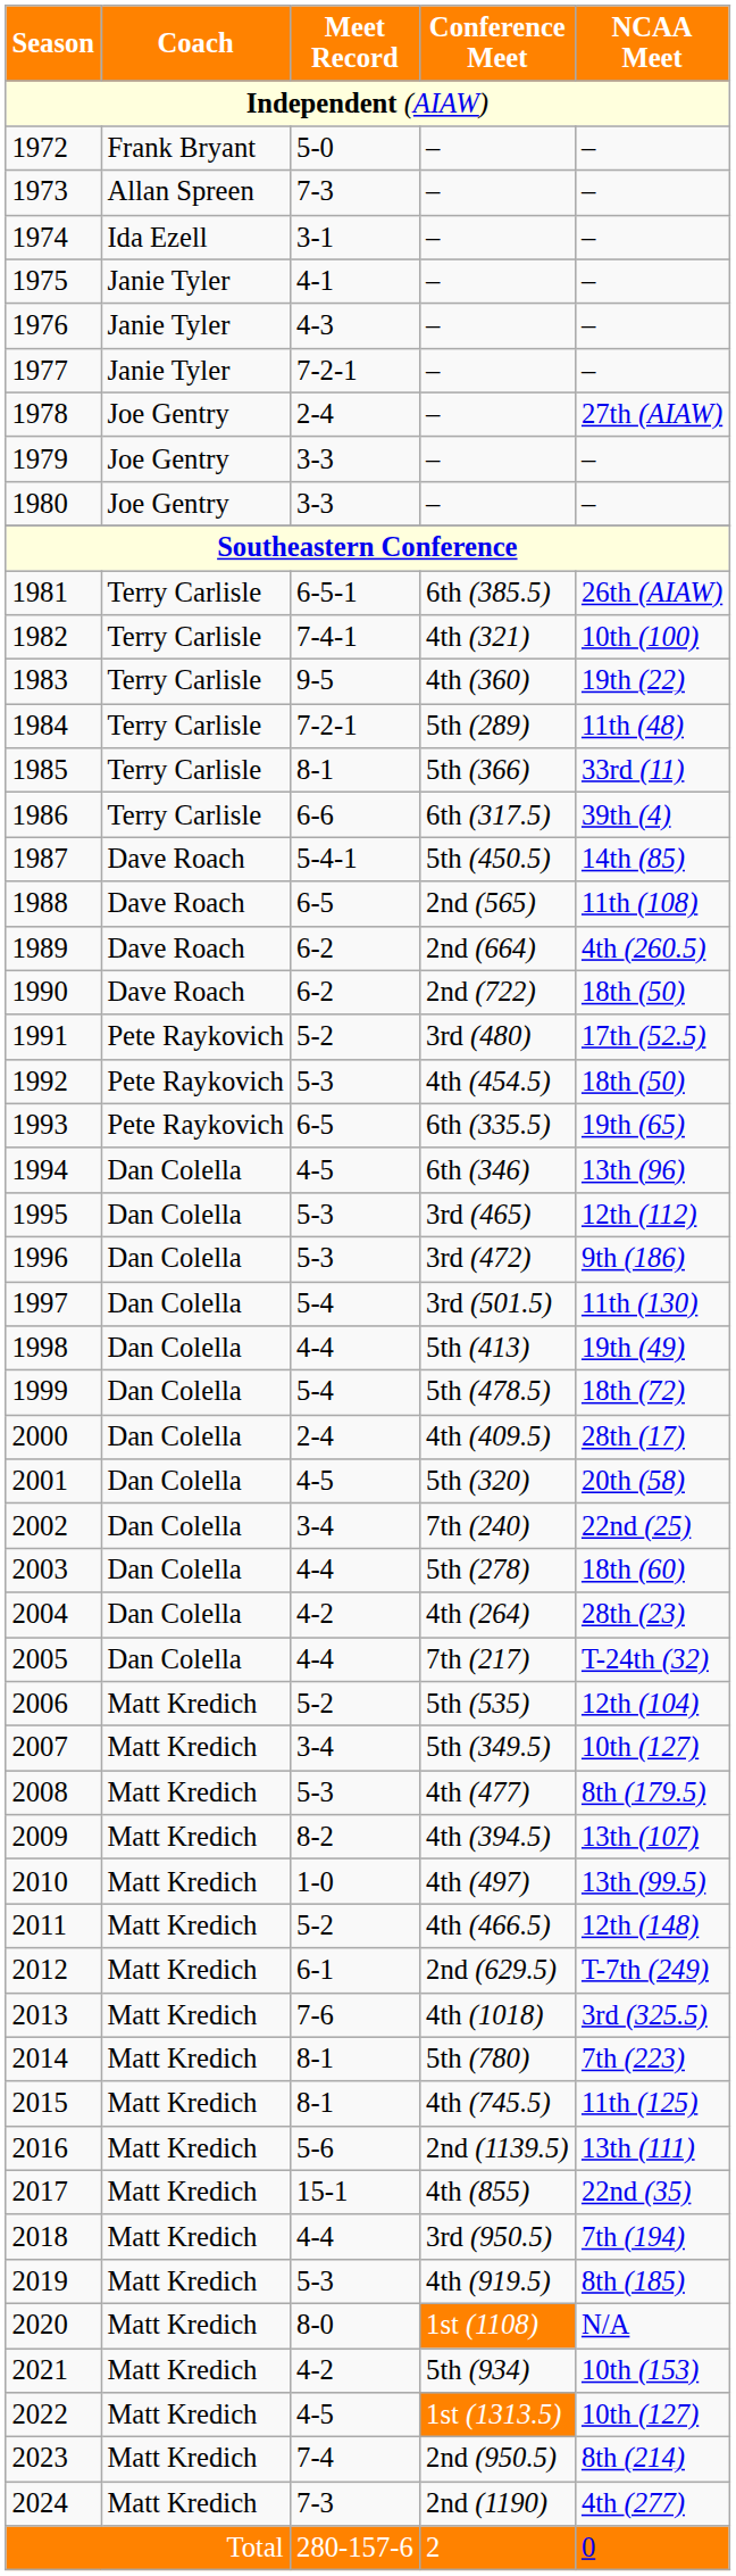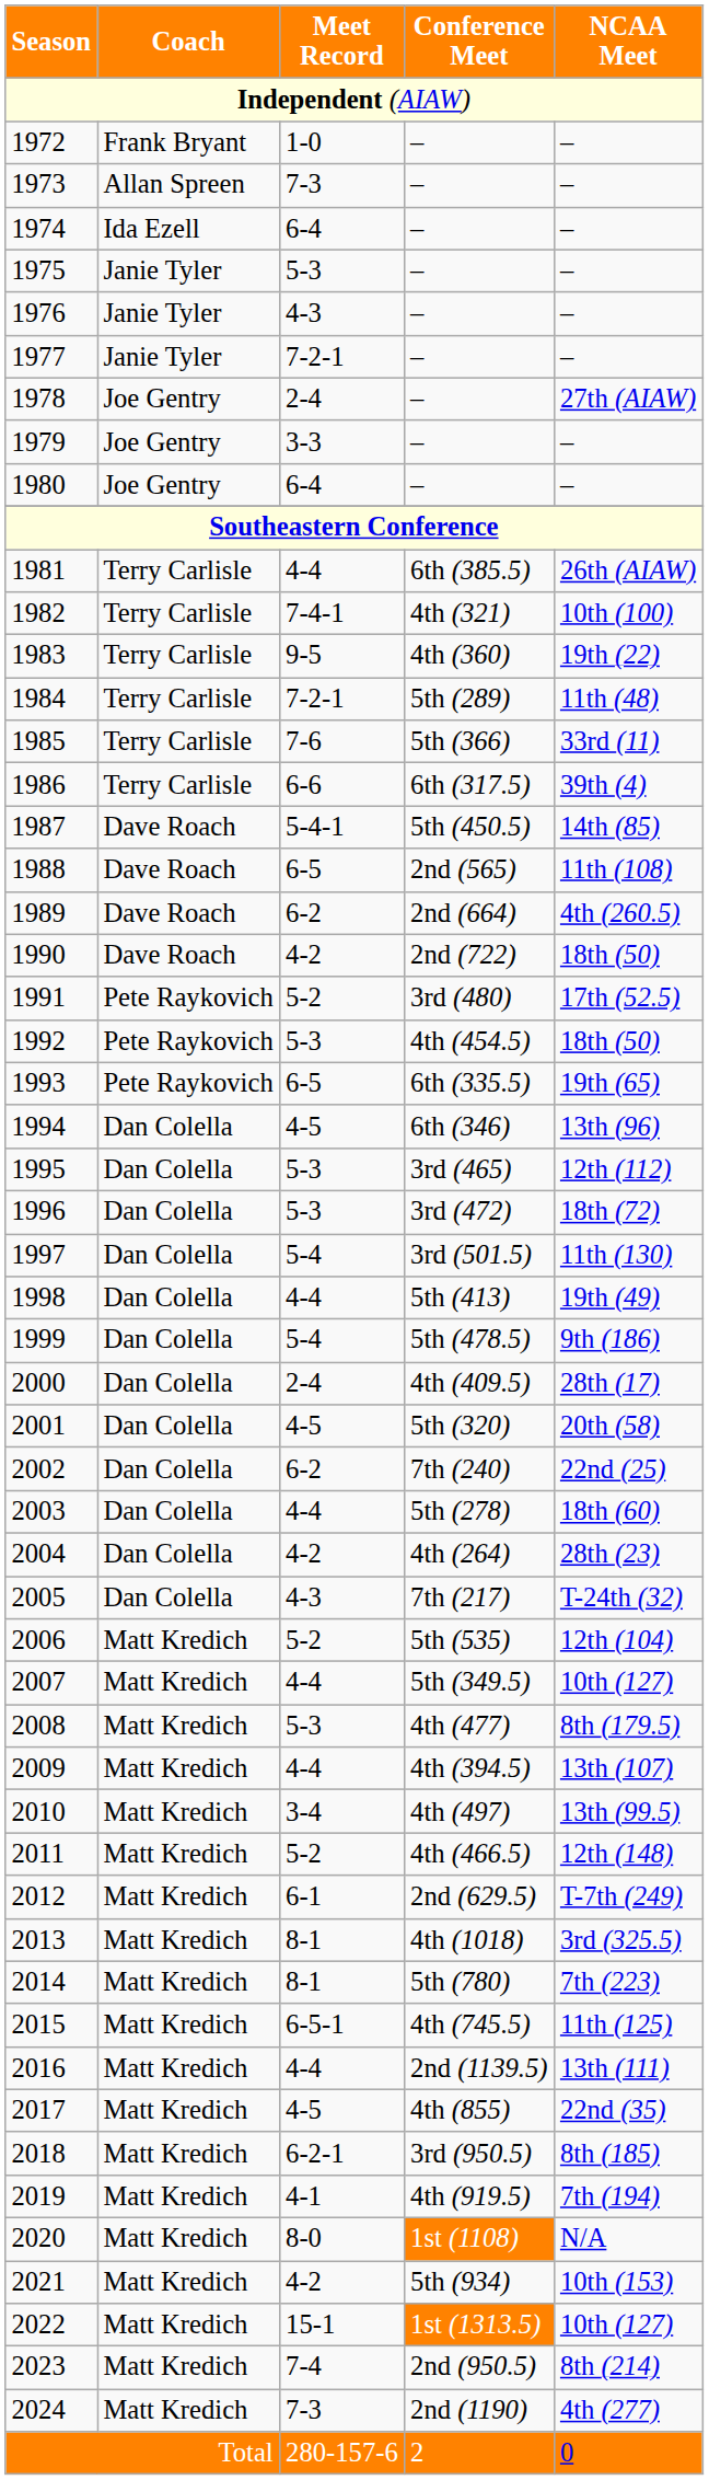 <table class="wikitable">
 <tr>
 <th rowspan="1" style="background: #FF8200; color:white;">Season</th>
 <th rowspan="1" style="background: #FF8200; color:white;">Coach</th>
 <th rowspan="1" style="background: #FF8200; color:white;">Meet<br>Record</th>
 <th rowspan="1" style="background: #FF8200; color:white;">Conference<br>Meet</th>
 <th rowspan="1" style="background: #FF8200; color:white;">NCAA<br>Meet</th>
 </tr>
 <tr style="background: #ffffdd;">
 <td colspan="5" style="text-align:center;"><strong>Independent</strong> <em>(<a href='#'>AIAW</a>)</em></td>
 </tr>
 <tr>
 <td>1972</td>
 <td>Frank Bryant</td>
-<td>5-0</td>
+<td>1-0</td>
 <td>–</td>
 <td>–</td>
 </tr>
 <tr>
 <td>1973</td>
 <td>Allan Spreen</td>
 <td>7-3</td>
 <td>–</td>
 <td>–</td>
 </tr>
 <tr>
 <td>1974</td>
 <td>Ida Ezell</td>
-<td>3-1</td>
+<td>6-4</td>
 <td>–</td>
 <td>–</td>
 </tr>
 <tr>
 <td>1975</td>
 <td>Janie Tyler</td>
-<td>4-1</td>
+<td>5-3</td>
 <td>–</td>
 <td>–</td>
 </tr>
 <tr>
 <td>1976</td>
 <td>Janie Tyler</td>
 <td>4-3</td>
 <td>–</td>
 <td>–</td>
 </tr>
 <tr>
 <td>1977</td>
 <td>Janie Tyler</td>
 <td>7-2-1</td>
 <td>–</td>
 <td>–</td>
 </tr>
 <tr>
 <td>1978</td>
 <td>Joe Gentry</td>
 <td>2-4</td>
 <td>–</td>
 <td><a href='#'>27th <em>(AIAW)</em></a></td>
 </tr>
 <tr>
 <td>1979</td>
 <td>Joe Gentry</td>
 <td>3-3</td>
 <td>–</td>
 <td>–</td>
 </tr>
 <tr>
 <td>1980</td>
 <td>Joe Gentry</td>
-<td>3-3</td>
+<td>6-4</td>
 <td>–</td>
 <td>–</td>
 </tr>
 <tr>
 </tr>
 <tr style="background: #ffffdd;">
 <td colspan="5" style="text-align:center;"><strong><a href='#'>Southeastern Conference</a></strong></td>
 </tr>
 <tr>
 <td>1981</td>
 <td>Terry Carlisle</td>
-<td>6-5-1</td>
+<td>4-4</td>
 <td>6th <em>(385.5)</em></td>
 <td><a href='#'>26th <em>(AIAW)</em></a></td>
 </tr>
 <tr>
 <td>1982</td>
 <td>Terry Carlisle</td>
 <td>7-4-1</td>
 <td>4th <em>(321)</em></td>
 <td><a href='#'>10th <em>(100)</em></a></td>
 </tr>
 <tr>
 <td>1983</td>
 <td>Terry Carlisle</td>
 <td>9-5</td>
 <td>4th <em>(360)</em></td>
 <td><a href='#'>19th <em>(22)</em></a></td>
 </tr>
 <tr>
 <td>1984</td>
 <td>Terry Carlisle</td>
 <td>7-2-1</td>
 <td>5th <em>(289)</em></td>
 <td><a href='#'>11th <em>(48)</em></a></td>
 </tr>
 <tr>
 <td>1985</td>
 <td>Terry Carlisle</td>
-<td>8-1</td>
+<td>7-6</td>
 <td>5th <em>(366)</em></td>
 <td><a href='#'>33rd <em>(11)</em></a></td>
 </tr>
 <tr>
 <td>1986</td>
 <td>Terry Carlisle</td>
 <td>6-6</td>
 <td>6th <em>(317.5)</em></td>
 <td><a href='#'>39th <em>(4)</em></a></td>
 </tr>
 <tr>
 <td>1987</td>
 <td>Dave Roach</td>
 <td>5-4-1</td>
 <td>5th <em>(450.5)</em></td>
 <td><a href='#'>14th <em>(85)</em></a></td>
 </tr>
 <tr>
 <td>1988</td>
 <td>Dave Roach</td>
 <td>6-5</td>
 <td>2nd <em>(565)</em></td>
 <td><a href='#'>11th <em>(108)</em></a></td>
 </tr>
 <tr>
 <td>1989</td>
 <td>Dave Roach</td>
 <td>6-2</td>
 <td>2nd <em>(664)</em></td>
 <td><a href='#'>4th <em>(260.5)</em></a></td>
 </tr>
 <tr>
 <td>1990</td>
 <td>Dave Roach</td>
-<td>6-2</td>
+<td>4-2</td>
 <td>2nd <em>(722)</em></td>
 <td><a href='#'>18th <em>(50)</em></a></td>
 </tr>
 <tr>
 <td>1991</td>
 <td>Pete Raykovich</td>
 <td>5-2</td>
 <td>3rd <em>(480)</em></td>
 <td><a href='#'>17th <em>(52.5)</em></a></td>
 </tr>
 <tr>
 <td>1992</td>
 <td>Pete Raykovich</td>
 <td>5-3</td>
 <td>4th <em>(454.5)</em></td>
 <td><a href='#'>18th <em>(50)</em></a></td>
 </tr>
 <tr>
 <td>1993</td>
 <td>Pete Raykovich</td>
 <td>6-5</td>
 <td>6th <em>(335.5)</em></td>
 <td><a href='#'>19th <em>(65)</em></a></td>
 </tr>
 <tr>
 <td>1994</td>
 <td>Dan Colella</td>
 <td>4-5</td>
 <td>6th <em>(346)</em></td>
 <td><a href='#'>13th <em>(96)</em></a></td>
 </tr>
 <tr>
 <td>1995</td>
 <td>Dan Colella</td>
 <td>5-3</td>
 <td>3rd <em>(465)</em></td>
 <td><a href='#'>12th <em>(112)</em></a></td>
 </tr>
 <tr>
 <td>1996</td>
 <td>Dan Colella</td>
 <td>5-3</td>
 <td>3rd <em>(472)</em></td>
-<td><a href='#'>9th <em>(186)</em></a></td>
+<td><a href='#'>18th <em>(72)</em></a></td>
 </tr>
 <tr>
 <td>1997</td>
 <td>Dan Colella</td>
 <td>5-4</td>
 <td>3rd <em>(501.5)</em></td>
 <td><a href='#'>11th <em>(130)</em></a></td>
 </tr>
 <tr>
 <td>1998</td>
 <td>Dan Colella</td>
 <td>4-4</td>
 <td>5th <em>(413)</em></td>
 <td><a href='#'>19th <em>(49)</em></a></td>
 </tr>
 <tr>
 <td>1999</td>
 <td>Dan Colella</td>
 <td>5-4</td>
 <td>5th <em>(478.5)</em></td>
-<td><a href='#'>18th <em>(72)</em></a></td>
+<td><a href='#'>9th <em>(186)</em></a></td>
 </tr>
 <tr>
 <td>2000</td>
 <td>Dan Colella</td>
 <td>2-4</td>
 <td>4th <em>(409.5)</em></td>
 <td><a href='#'>28th <em>(17)</em></a></td>
 </tr>
 <tr>
 <td>2001</td>
 <td>Dan Colella</td>
 <td>4-5</td>
 <td>5th <em>(320)</em></td>
 <td><a href='#'>20th <em>(58)</em></a></td>
 </tr>
 <tr>
 <td>2002</td>
 <td>Dan Colella</td>
-<td>3-4</td>
+<td>6-2</td>
 <td>7th <em>(240)</em></td>
 <td><a href='#'>22nd <em>(25)</em></a></td>
 </tr>
 <tr>
 <td>2003</td>
 <td>Dan Colella</td>
 <td>4-4</td>
 <td>5th <em>(278)</em></td>
 <td><a href='#'>18th <em>(60)</em></a></td>
 </tr>
 <tr>
 <td>2004</td>
 <td>Dan Colella</td>
 <td>4-2</td>
 <td>4th <em>(264)</em></td>
 <td><a href='#'>28th <em>(23)</em></a></td>
 </tr>
 <tr>
 <td>2005</td>
 <td>Dan Colella</td>
-<td>4-4</td>
+<td>4-3</td>
 <td>7th <em>(217)</em></td>
 <td><a href='#'>T-24th <em>(32)</em></a></td>
 </tr>
 <tr>
 <td>2006</td>
 <td>Matt Kredich</td>
 <td>5-2</td>
 <td>5th <em>(535)</em></td>
 <td><a href='#'>12th <em>(104)</em></a></td>
 </tr>
 <tr>
 <td>2007</td>
 <td>Matt Kredich</td>
-<td>3-4</td>
+<td>4-4</td>
 <td>5th <em>(349.5)</em></td>
 <td><a href='#'>10th <em>(127)</em></a></td>
 </tr>
 <tr>
 <td>2008</td>
 <td>Matt Kredich</td>
 <td>5-3</td>
 <td>4th <em>(477)</em></td>
 <td><a href='#'>8th <em>(179.5)</em></a></td>
 </tr>
 <tr>
 <td>2009</td>
 <td>Matt Kredich</td>
-<td>8-2</td>
+<td>4-4</td>
 <td>4th <em>(394.5)</em></td>
 <td><a href='#'>13th <em>(107)</em></a></td>
 </tr>
 <tr>
 <td>2010</td>
 <td>Matt Kredich</td>
-<td>1-0</td>
+<td>3-4</td>
 <td>4th <em>(497)</em></td>
 <td><a href='#'>13th <em>(99.5)</em></a></td>
 </tr>
 <tr>
 <td>2011</td>
 <td>Matt Kredich</td>
 <td>5-2</td>
 <td>4th <em>(466.5)</em></td>
 <td><a href='#'>12th <em>(148)</em></a></td>
 </tr>
 <tr>
 <td>2012</td>
 <td>Matt Kredich</td>
 <td>6-1</td>
 <td>2nd <em>(629.5)</em></td>
 <td><a href='#'>T-7th <em>(249)</em></a></td>
 </tr>
 <tr>
 <td>2013</td>
 <td>Matt Kredich</td>
-<td>7-6</td>
+<td>8-1</td>
 <td>4th <em>(1018)</em></td>
 <td><a href='#'>3rd <em>(325.5)</em></a></td>
 </tr>
 <tr>
 <td>2014</td>
 <td>Matt Kredich</td>
 <td>8-1</td>
 <td>5th <em>(780)</em></td>
 <td><a href='#'>7th <em>(223)</em></a></td>
 </tr>
 <tr>
 <td>2015</td>
 <td>Matt Kredich</td>
-<td>8-1</td>
+<td>6-5-1</td>
 <td>4th <em>(745.5)</em></td>
 <td><a href='#'>11th <em>(125)</em></a></td>
 </tr>
 <tr>
 <td>2016</td>
 <td>Matt Kredich</td>
-<td>5-6</td>
+<td>4-4</td>
 <td>2nd <em>(1139.5)</em></td>
 <td><a href='#'>13th <em>(111)</em></a></td>
 </tr>
 <tr>
 <td>2017</td>
 <td>Matt Kredich</td>
-<td>15-1</td>
+<td>4-5</td>
 <td>4th <em>(855)</em></td>
 <td><a href='#'>22nd <em>(35)</em></a></td>
 </tr>
 <tr>
 <td>2018</td>
 <td>Matt Kredich</td>
-<td>4-4</td>
+<td>6-2-1</td>
 <td>3rd <em>(950.5)</em></td>
-<td><a href='#'>7th <em>(194)</em></a></td>
+<td><a href='#'>8th <em>(185)</em></a></td>
 </tr>
 <tr>
 <td>2019</td>
 <td>Matt Kredich</td>
-<td>5-3</td>
+<td>4-1</td>
 <td>4th <em>(919.5)</em></td>
-<td><a href='#'>8th <em>(185)</em></a></td>
+<td><a href='#'>7th <em>(194)</em></a></td>
 </tr>
 <tr>
 <td>2020</td>
 <td>Matt Kredich</td>
 <td>8-0</td>
 <td style="background: #FF8200; color:white">1st <em>(1108)</em></td>
 <td><a href='#'>N/A</a></td>
 </tr>
 <tr>
 <td>2021</td>
 <td>Matt Kredich</td>
 <td>4-2</td>
 <td>5th <em>(934)</em></td>
 <td><a href='#'>10th <em>(153)</em></a></td>
 </tr>
 <tr>
 <td>2022</td>
 <td>Matt Kredich</td>
-<td>4-5</td>
+<td>15-1</td>
 <td style="background: #FF8200; color:white">1st <em>(1313.5)</em></td>
 <td><a href='#'>10th <em>(127)</em></a></td>
 </tr>
 <tr>
 <td>2023</td>
 <td>Matt Kredich</td>
 <td>7-4</td>
 <td>2nd <em>(950.5)</em></td>
 <td><a href='#'>8th <em>(214)</em></a></td>
 </tr>
 <tr>
 <td>2024</td>
 <td>Matt Kredich</td>
 <td>7-3</td>
 <td>2nd <em>(1190)</em></td>
 <td><a href='#'>4th <em>(277)</em></a></td>
 </tr>
 <tr style="background: #FF8200; color:white">
 <td colspan="2" align="right">Total</td>
 <td>280-157-6</td>
 <td>2</td>
 <td><a href='#'>0</a></td>
 </tr>
 </table>
